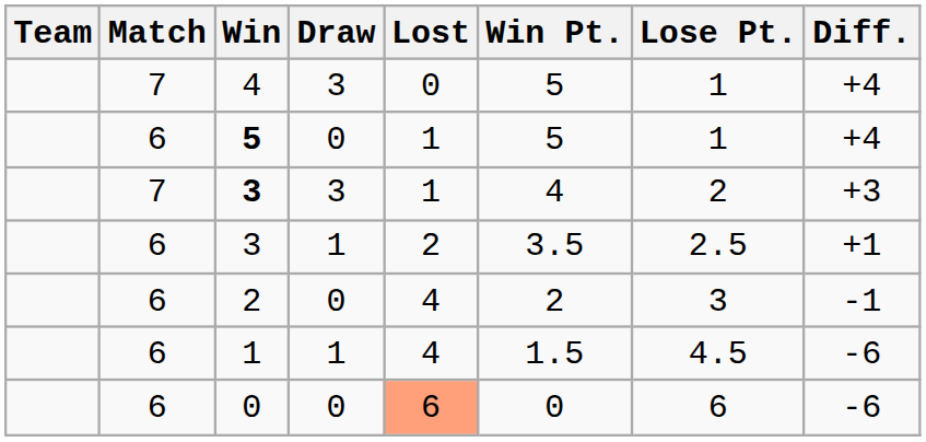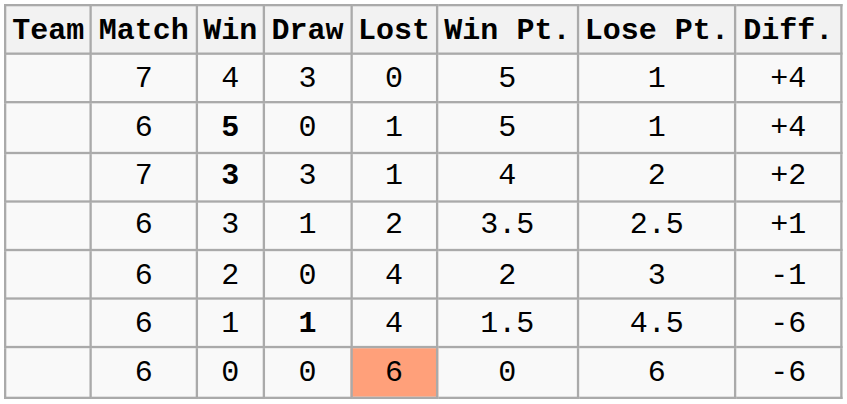 <table class="wikitable sortable static-row-numbers" style="text-align:center;">
 <tr>
 <th>Team</th>
 <th>Match</th>
 <th>Win</th>
 <th>Draw</th>
 <th>Lost</th>
 <th>Win Pt.</th>
 <th>Lose Pt.</th>
 <th>Diff.</th>
 </tr>
 <tr>
 <td align="left"></td>
 <td>7</td>
 <td>4</td>
 <td>3</td>
 <td>0</td>
 <td>5</td>
 <td>1</td>
 <td>+4</td>
 </tr>
 <tr>
 <td align="left"></td>
 <td>6</td>
 <td><strong>5</strong></td>
 <td>0</td>
 <td>1</td>
 <td>5</td>
 <td>1</td>
 <td>+4</td>
 </tr>
 <tr>
 <td align="left"></td>
 <td>7</td>
 <td><strong>3</strong></td>
 <td>3</td>
 <td>1</td>
 <td>4</td>
 <td>2</td>
-<td>+3</td>
+<td>+2</td>
 </tr>
 <tr>
 <td align="left"></td>
 <td>6</td>
 <td>3</td>
 <td>1</td>
 <td>2</td>
 <td>3.5</td>
 <td>2.5</td>
 <td>+1</td>
 </tr>
 <tr>
 <td align="left"></td>
 <td>6</td>
 <td>2</td>
 <td>0</td>
 <td>4</td>
 <td>2</td>
 <td>3</td>
 <td>-1</td>
 </tr>
 <tr>
 <td align="left"></td>
 <td>6</td>
 <td>1</td>
-<td>1</td>
+<td><strong>1</strong></td>
 <td>4</td>
 <td>1.5</td>
 <td>4.5</td>
 <td>-6</td>
 </tr>
 <tr>
 <td align="left"></td>
 <td>6</td>
 <td>0</td>
 <td>0</td>
 <td style="background: lightsalmon;">6</td>
 <td>0</td>
 <td>6</td>
 <td>-6</td>
 </tr>
 </table>
